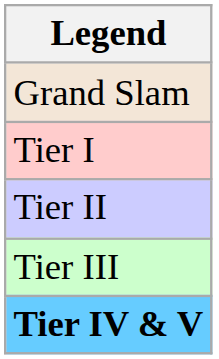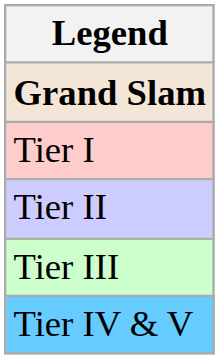 <table class="wikitable sortable mw-collapsible mw-collapsed">
 <tr>
 <th>Legend</th>
 </tr>
 <tr style="background:#f3e6d7;">
-<td>Grand Slam</td>
+<td><strong>Grand Slam</strong></td>
 </tr>
 <tr style="background:#ffcccc;">
 <td>Tier I</td>
 </tr>
 <tr style="background:#ccccff;">
 <td>Tier II</td>
 </tr>
 <tr style="background:#ccffcc;">
 <td>Tier III</td>
 </tr>
 <tr style="background:#66ccff;">
-<td><strong>Tier IV & V</strong></td>
+<td>Tier IV & V</td>
 </tr>
 </table>
